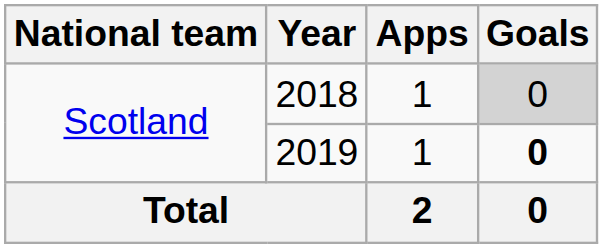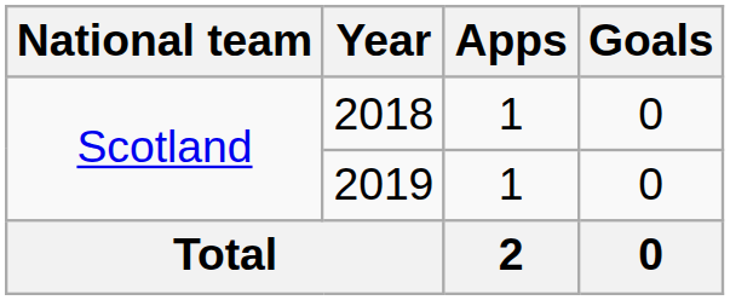 <table class="wikitable" style="text-align:center">
 <tr>
 <th>National team</th>
 <th>Year</th>
 <th>Apps</th>
 <th>Goals</th>
 </tr>
 <tr>
 <td rowspan="2"><a href='#'>Scotland</a></td>
 <td>2018</td>
 <td>1</td>
-<td style="background: lightgrey;">0</td>
+<td>0</td>
 </tr>
 <tr>
 <td>2019</td>
 <td>1</td>
-<td><strong>0</strong></td>
+<td>0</td>
 </tr>
 <tr>
 <th colspan="2">Total</th>
 <th>2</th>
 <th>0</th>
 </tr>
 </table>
